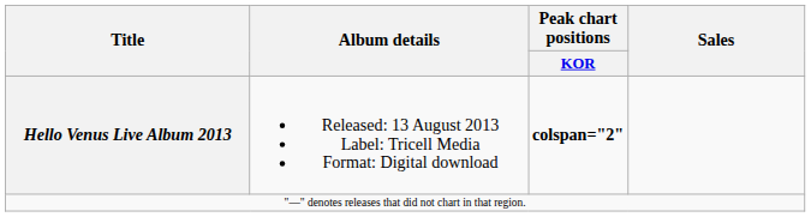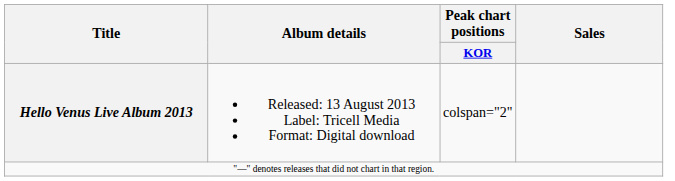 <table class="wikitable plainrowheaders" style="text-align:center;">
 <tr>
 <th scope="col" rowspan="2" style="width:14em;">Title</th>
 <th scope="col" rowspan="2" style="width:16em;">Album details</th>
 <th scope="col" colspan="1">Peak chart positions</th>
 <th scope="col" rowspan="2" style="width:10em;">Sales</th>
 </tr>
 <tr>
 <th scope="col" style="width:3em;font-size:90%;"><a href='#'>KOR</a><br></th>
 </tr>
 <tr>
 <th scope="row"><em>Hello Venus Live Album 2013</em></th>
 <td><br><ul><li>Released: 13 August 2013</li><li>Label: Tricell Media</li><li>Format: Digital download</li></ul></td>
-<td><strong>colspan="2"</strong></td>
+<td>colspan="2"</td>
 </tr>
 <tr>
 <td colspan="4" style="font-size:8pt;">"—" denotes releases that did not chart in that region.</td>
 </tr>
 </table>
